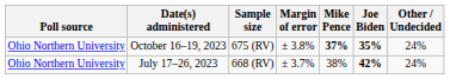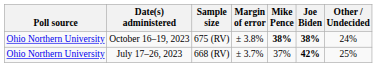 <table class="wikitable sortable mw-datatable" style="font-size:90%;text-align:center;line-height:17px">
 <tr valign=bottom>
 <th>Poll source</th>
 <th>Date(s)<br>administered</th>
 <th>Sample<br>size</th>
 <th>Margin<br>of error</th>
 <th class="unsortable">Mike<br>Pence<br></th>
 <th class="unsortable">Joe<br>Biden<br></th>
 <th class="unsortable">Other /<br>Undecided</th>
 </tr>
 <tr>
 <td><a href='#'>Ohio Northern University</a></td>
 <td data-sort-value="2023-10-30">October 16–19, 2023</td>
 <td>675 (RV)</td>
 <td>± 3.8%</td>
-<td><strong>37%</strong></td>
-<td><strong>35%</strong></td>
+<td><strong>38%</strong></td>
+<td><strong>38%</strong></td>
 <td>24%</td>
 </tr>
 <tr>
 <td style="text-align:left;"><a href='#'>Ohio Northern University</a></td>
 <td data-sort-value="2023-07-26">July 17–26, 2023</td>
 <td>668 (RV)</td>
 <td>± 3.7%</td>
-<td>38%</td>
+<td>37%</td>
 <td style="color:black;background-color:"><strong>42%</strong></td>
-<td>24%</td>
+<td>25%</td>
 </tr>
 </table>
